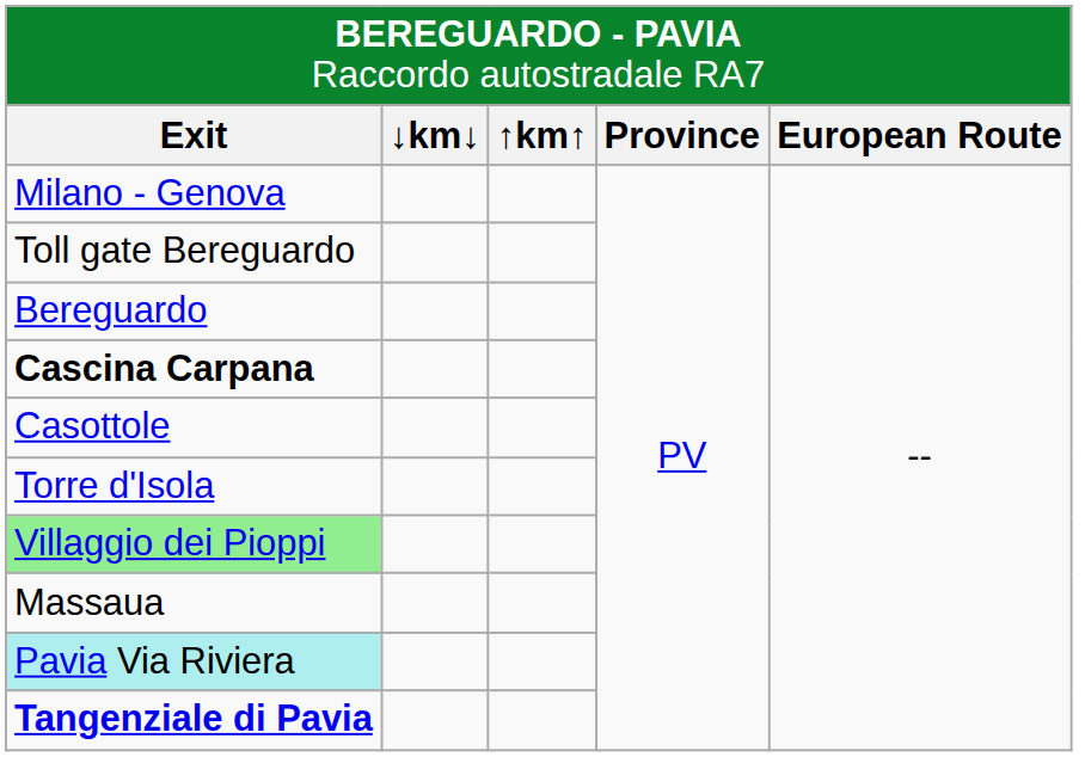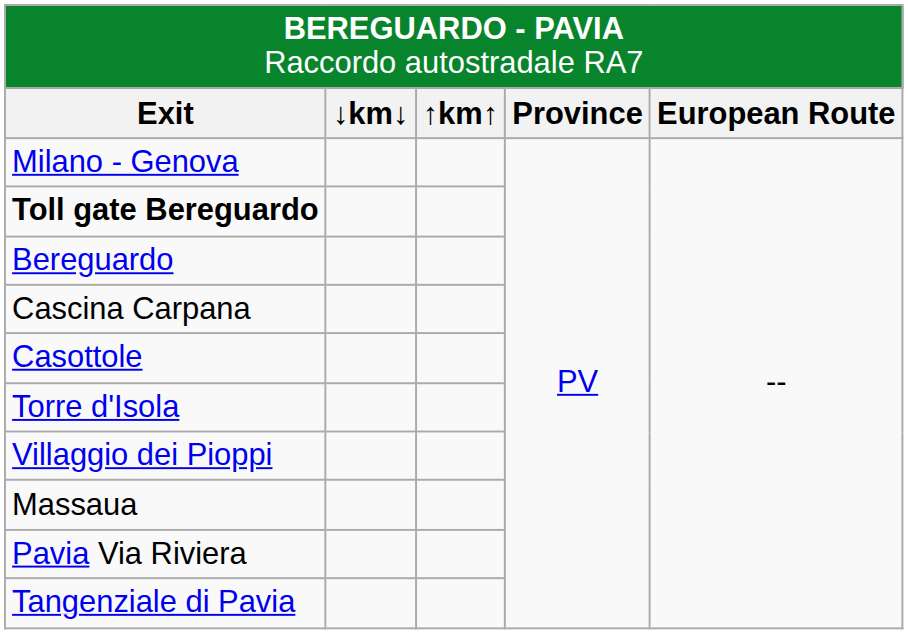 <table class="wikitable">
 <tr align="center" bgcolor="08842C" style="color: white;">
 <td colspan="5"><strong> BEREGUARDO - PAVIA</strong><br>Raccordo autostradale RA7</td>
 </tr>
 <tr>
 <th style="text-align:center;"><strong>Exit</strong></th>
 <th style="text-align:center;"><strong>↓km↓</strong></th>
 <th style="text-align:center;"><strong>↑km↑</strong></th>
 <th align="center"><strong>Province</strong></th>
 <th align="center"><strong>European Route</strong></th>
 </tr>
 <tr>
 <td>  <a href='#'>Milano - Genova</a></td>
 <td align="right"></td>
 <td align="right"></td>
 <td rowspan=10 align="center"><a href='#'>PV</a></td>
 <td rowspan=10 align="center">--</td>
 </tr>
 <tr>
-<td> Toll gate Bereguardo</td>
+<td><strong> Toll gate Bereguardo</strong></td>
 <td align="right"></td>
 <td align="right"></td>
 </tr>
 <tr>
 <td> <a href='#'>Bereguardo</a></td>
 <td align="right"></td>
 <td align="right"></td>
 </tr>
 <tr>
-<td><strong> Cascina Carpana</strong></td>
+<td> Cascina Carpana</td>
 <td align="right"></td>
 <td align="right"></td>
 </tr>
 <tr>
 <td> <a href='#'>Casottole</a></td>
 <td align="right"></td>
 <td align="right"></td>
 </tr>
 <tr>
 <td> <a href='#'>Torre d'Isola</a></td>
 <td align="right"></td>
 <td align="right"></td>
 </tr>
 <tr>
-<td style="background: lightgreen;"> <a href='#'>Villaggio dei Pioppi</a></td>
+<td> <a href='#'>Villaggio dei Pioppi</a></td>
 <td align="right"></td>
 <td align="right"></td>
 </tr>
 <tr>
 <td> Massaua</td>
 <td align="right"></td>
 <td align="right"></td>
 </tr>
 <tr>
-<td style="background: paleturquoise;"> <a href='#'>Pavia</a> Via Riviera</td>
+<td> <a href='#'>Pavia</a> Via Riviera</td>
 <td align="right"></td>
 <td align="right"></td>
 </tr>
 <tr>
-<td><strong>  <a href='#'>Tangenziale di Pavia</a></strong></td>
+<td>  <a href='#'>Tangenziale di Pavia</a></td>
 <td align="right"></td>
 <td align="right"></td>
 </tr>
 </table>
